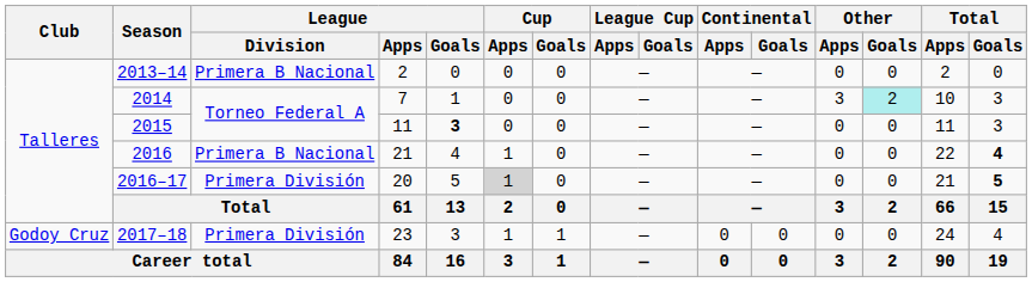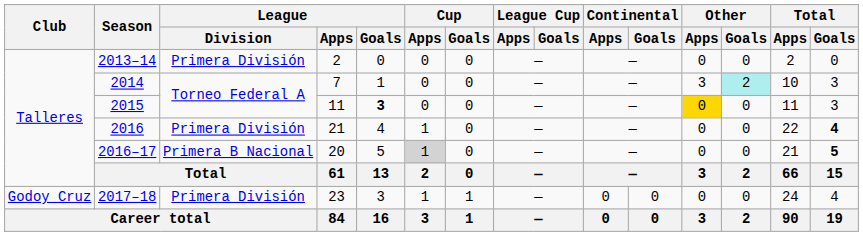 <table class="wikitable" style="text-align:center">
 <tr>
 <th rowspan="2">Club</th>
 <th rowspan="2">Season</th>
 <th colspan="3">League</th>
 <th colspan="2">Cup</th>
 <th colspan="2">League Cup</th>
 <th colspan="2">Continental</th>
 <th colspan="2">Other</th>
 <th colspan="2">Total</th>
 </tr>
 <tr>
 <th>Division</th>
 <th>Apps</th>
 <th>Goals</th>
 <th>Apps</th>
 <th>Goals</th>
 <th>Apps</th>
 <th>Goals</th>
 <th>Apps</th>
 <th>Goals</th>
 <th>Apps</th>
 <th>Goals</th>
 <th>Apps</th>
 <th>Goals</th>
 </tr>
 <tr>
 <td rowspan="6"><a href='#'>Talleres</a></td>
 <td><a href='#'>2013–14</a></td>
-<td rowspan="1"><a href='#'>Primera B Nacional</a></td>
+<td rowspan="1"><a href='#'>Primera División</a></td>
 <td>2</td>
 <td>0</td>
 <td>0</td>
 <td>0</td>
 <td colspan="2">—</td>
 <td colspan="2">—</td>
 <td>0</td>
 <td>0</td>
 <td>2</td>
 <td>0</td>
 </tr>
 <tr>
 <td><a href='#'>2014</a></td>
 <td rowspan="2"><a href='#'>Torneo Federal A</a></td>
 <td>7</td>
 <td>1</td>
 <td>0</td>
 <td>0</td>
 <td colspan="2">—</td>
 <td colspan="2">—</td>
 <td>3</td>
 <td style="background: paleturquoise;">2</td>
 <td>10</td>
 <td>3</td>
 </tr>
 <tr>
 <td><a href='#'>2015</a></td>
 <td>11</td>
 <td><strong>3</strong></td>
 <td>0</td>
 <td>0</td>
 <td colspan="2">—</td>
 <td colspan="2">—</td>
-<td>0</td>
+<td style="background: gold;">0</td>
 <td>0</td>
 <td>11</td>
 <td>3</td>
 </tr>
 <tr>
 <td><a href='#'>2016</a></td>
-<td rowspan="1"><a href='#'>Primera B Nacional</a></td>
+<td rowspan="1"><a href='#'>Primera División</a></td>
 <td>21</td>
 <td>4</td>
 <td>1</td>
 <td>0</td>
 <td colspan="2">—</td>
 <td colspan="2">—</td>
 <td>0</td>
 <td>0</td>
 <td>22</td>
 <td><strong>4</strong></td>
 </tr>
 <tr>
 <td><a href='#'>2016–17</a></td>
-<td rowspan="1"><a href='#'>Primera División</a></td>
+<td rowspan="1"><a href='#'>Primera B Nacional</a></td>
 <td>20</td>
 <td>5</td>
 <td style="background: lightgrey;">1</td>
 <td>0</td>
 <td colspan="2">—</td>
 <td colspan="2">—</td>
 <td>0</td>
 <td>0</td>
 <td>21</td>
 <td><strong>5</strong></td>
 </tr>
 <tr>
 <th colspan="2">Total</th>
 <th>61</th>
 <th>13</th>
 <th>2</th>
 <th>0</th>
 <th colspan="2">—</th>
 <th colspan="2">—</th>
 <th>3</th>
 <th>2</th>
 <th>66</th>
 <th>15</th>
 </tr>
 <tr>
 <td rowspan="1"><a href='#'>Godoy Cruz</a></td>
 <td><a href='#'>2017–18</a></td>
 <td rowspan="1"><a href='#'>Primera División</a></td>
 <td>23</td>
 <td>3</td>
 <td>1</td>
 <td>1</td>
 <td colspan="2">—</td>
 <td>0</td>
 <td>0</td>
 <td>0</td>
 <td>0</td>
 <td>24</td>
 <td>4</td>
 </tr>
 <tr>
 <th colspan="3">Career total</th>
 <th>84</th>
 <th>16</th>
 <th>3</th>
 <th>1</th>
 <th colspan="2">—</th>
 <th>0</th>
 <th>0</th>
 <th>3</th>
 <th>2</th>
 <th>90</th>
 <th>19</th>
 </tr>
 </table>
